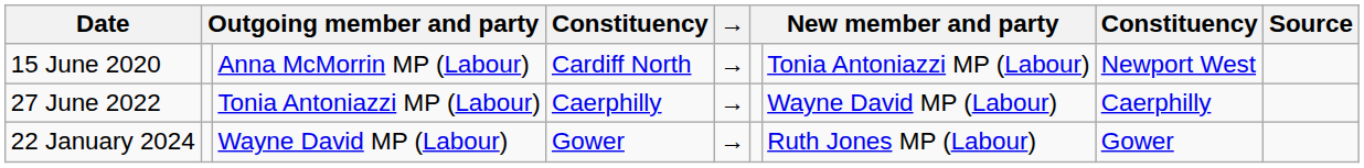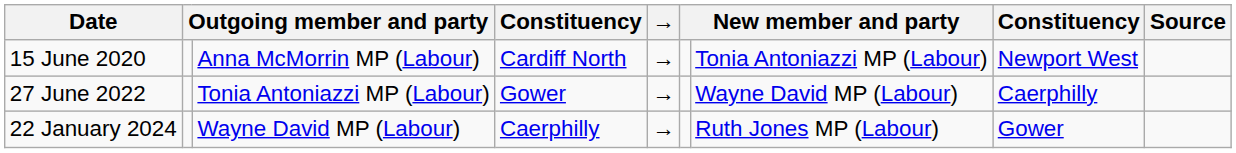 <table class="wikitable">
 <tr>
 <th valign="top">Date</th>
 <th colspan="2" valign="top">Outgoing member and party</th>
 <th valign="top">Constituency</th>
 <th>→</th>
 <th colspan="2" valign="top">New member and party</th>
 <th valign="top">Constituency</th>
 <th valign="top">Source</th>
 </tr>
 <tr>
 <td>15 June 2020</td>
 <td style="color:inherit;background:"></td>
 <td><a href='#'>Anna McMorrin</a> MP (<a href='#'>Labour</a>)</td>
 <td><a href='#'>Cardiff North</a></td>
 <td>→</td>
 <td style="color:inherit;background:"></td>
 <td><a href='#'>Tonia Antoniazzi</a> MP (<a href='#'>Labour</a>)</td>
 <td><a href='#'>Newport West</a></td>
 <td></td>
 </tr>
 <tr>
 <td>27 June 2022</td>
 <td style="color:inherit;background:"></td>
 <td><a href='#'>Tonia Antoniazzi</a> MP (<a href='#'>Labour</a>)</td>
-<td><a href='#'>Caerphilly</a></td>
+<td><a href='#'>Gower</a></td>
 <td>→</td>
 <td style="color:inherit;background:"></td>
 <td><a href='#'>Wayne David</a> MP (<a href='#'>Labour</a>)</td>
 <td><a href='#'>Caerphilly</a></td>
 <td></td>
 </tr>
 <tr>
 <td>22 January 2024</td>
 <td style="color:inherit;background:"></td>
 <td><a href='#'>Wayne David</a> MP (<a href='#'>Labour</a>)</td>
-<td><a href='#'>Gower</a></td>
+<td><a href='#'>Caerphilly</a></td>
 <td>→</td>
 <td style="color:inherit;background:"></td>
 <td><a href='#'>Ruth Jones</a> MP (<a href='#'>Labour</a>)</td>
 <td><a href='#'>Gower</a></td>
 <td></td>
 </tr>
 </table>
